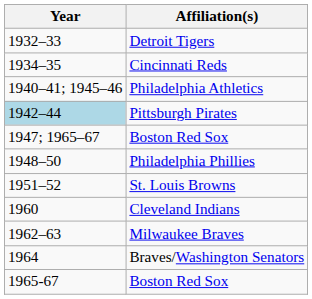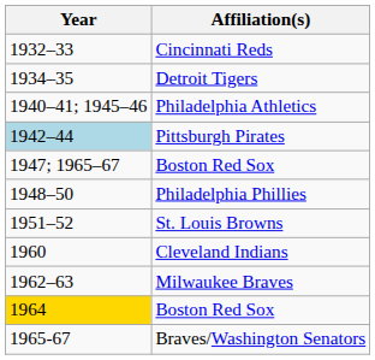 <table class=wikitable>
 <tr>
 <th>Year</th>
 <th>Affiliation(s)</th>
 </tr>
 <tr>
 <td>1932–33</td>
-<td><a href='#'>Detroit Tigers</a></td>
+<td><a href='#'>Cincinnati Reds</a></td>
 </tr>
 <tr>
 <td>1934–35</td>
-<td><a href='#'>Cincinnati Reds</a></td>
+<td><a href='#'>Detroit Tigers</a></td>
 </tr>
 <tr>
 <td>1940–41; 1945–46</td>
 <td><a href='#'>Philadelphia Athletics</a></td>
 </tr>
 <tr>
 <td style="background: lightblue;">1942–44</td>
 <td><a href='#'>Pittsburgh Pirates</a></td>
 </tr>
 <tr>
 <td>1947; 1965–67</td>
 <td><a href='#'>Boston Red Sox</a></td>
 </tr>
 <tr>
 <td>1948–50</td>
 <td><a href='#'>Philadelphia Phillies</a></td>
 </tr>
 <tr>
 <td>1951–52</td>
 <td><a href='#'>St. Louis Browns</a></td>
 </tr>
 <tr>
 <td>1960</td>
 <td><a href='#'>Cleveland Indians</a></td>
 </tr>
 <tr>
 <td>1962–63</td>
 <td><a href='#'>Milwaukee Braves</a></td>
 </tr>
 <tr>
-<td>1964</td>
-<td>Braves/<a href='#'>Washington Senators</a></td>
+<td style="background: gold;">1964</td>
+<td><a href='#'>Boston Red Sox</a></td>
 </tr>
 <tr>
 <td>1965-67</td>
-<td><a href='#'>Boston Red Sox</a></td>
+<td>Braves/<a href='#'>Washington Senators</a></td>
 </tr>
 </table>
